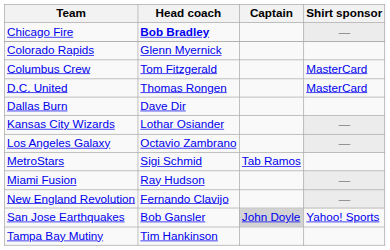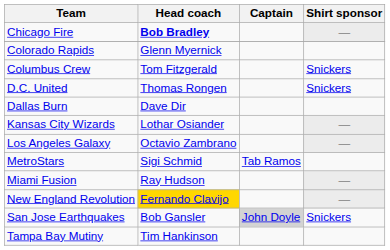 <table class="wikitable sortable" style="text-align: left;">
 <tr>
 <th>Team</th>
 <th>Head coach</th>
 <th>Captain</th>
 <th>Shirt sponsor</th>
 </tr>
 <tr>
 <td><a href='#'>Chicago Fire</a></td>
 <td><strong> <a href='#'>Bob Bradley</a></strong></td>
 <td></td>
 <td align="center" colspan="1" style="background:#ececec; color:gray">—</td>
 </tr>
 <tr>
 </tr>
 <tr>
 <td><a href='#'>Colorado Rapids</a></td>
 <td> <a href='#'>Glenn Myernick</a></td>
 <td></td>
 <td></td>
 </tr>
 <tr>
 <td><a href='#'>Columbus Crew</a></td>
 <td> <a href='#'>Tom Fitzgerald</a></td>
 <td></td>
-<td><a href='#'>MasterCard</a></td>
+<td><a href='#'>Snickers</a></td>
 </tr>
 <tr>
 <td><a href='#'>D.C. United</a></td>
 <td> <a href='#'>Thomas Rongen</a></td>
 <td></td>
-<td><a href='#'>MasterCard</a></td>
+<td><a href='#'>Snickers</a></td>
 </tr>
 <tr>
 <td><a href='#'>Dallas Burn</a></td>
 <td> <a href='#'>Dave Dir</a></td>
 <td></td>
 <td></td>
 </tr>
 <tr>
 <td><a href='#'>Kansas City Wizards</a></td>
 <td> <a href='#'>Lothar Osiander</a></td>
 <td></td>
 <td align="center" colspan="1" style="background:#ececec; color:gray">—</td>
 </tr>
 <tr>
 <td><a href='#'>Los Angeles Galaxy</a></td>
 <td> <a href='#'>Octavio Zambrano</a></td>
 <td></td>
 <td align="center" colspan="1" style="background:#ececec; color:gray">—</td>
 </tr>
 <tr>
 <td><a href='#'>MetroStars</a></td>
 <td> <a href='#'>Sigi Schmid</a></td>
 <td> <a href='#'>Tab Ramos</a></td>
 <td></td>
 </tr>
 <tr>
 <td><a href='#'>Miami Fusion</a></td>
 <td> <a href='#'>Ray Hudson</a></td>
 <td></td>
 <td align="center" colspan="1" style="background:#ececec; color:gray">—</td>
 </tr>
 <tr>
 <td><a href='#'>New England Revolution</a></td>
-<td> <a href='#'>Fernando Clavijo</a></td>
+<td style="background: gold;"> <a href='#'>Fernando Clavijo</a></td>
 <td></td>
 <td align="center" colspan="1" style="background:#ececec; color:gray">—</td>
 </tr>
 <tr>
 <td><a href='#'>San Jose Earthquakes</a></td>
 <td> <a href='#'>Bob Gansler</a></td>
 <td style="background: lightgrey;"> <a href='#'>John Doyle</a></td>
-<td><a href='#'>Yahoo! Sports</a></td>
+<td><a href='#'>Snickers</a></td>
 </tr>
 <tr>
 <td><a href='#'>Tampa Bay Mutiny</a></td>
 <td> <a href='#'>Tim Hankinson</a></td>
 <td></td>
 <td></td>
 </tr>
 </table>
